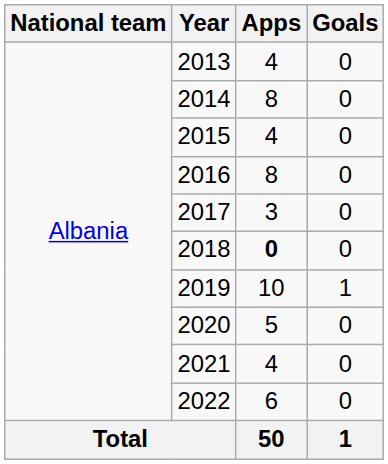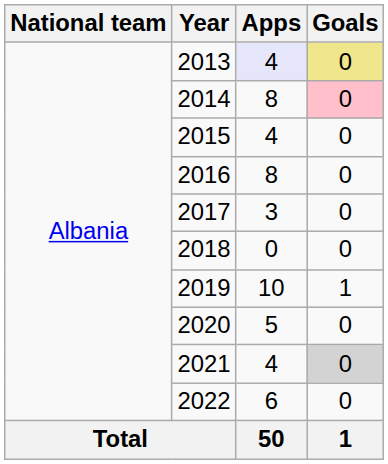 <table class="wikitable" style="text-align:center">
 <tr>
 <th>National team</th>
 <th>Year</th>
 <th>Apps</th>
 <th>Goals</th>
 </tr>
 <tr>
 <td rowspan=10><a href='#'>Albania</a></td>
 <td>2013</td>
-<td>4</td>
-<td>0</td>
+<td style="background: lavender;">4</td>
+<td style="background: khaki;">0</td>
 </tr>
 <tr>
 <td>2014</td>
 <td>8</td>
-<td>0</td>
+<td style="background: pink;">0</td>
 </tr>
 <tr>
 <td>2015</td>
 <td>4</td>
 <td>0</td>
 </tr>
 <tr>
 <td>2016</td>
 <td>8</td>
 <td>0</td>
 </tr>
 <tr>
 <td>2017</td>
 <td>3</td>
 <td>0</td>
 </tr>
 <tr>
 <td>2018</td>
-<td><strong>0</strong></td>
+<td>0</td>
 <td>0</td>
 </tr>
 <tr>
 <td>2019</td>
 <td>10</td>
 <td>1</td>
 </tr>
 <tr>
 <td>2020</td>
 <td>5</td>
 <td>0</td>
 </tr>
 <tr>
 <td>2021</td>
 <td>4</td>
-<td>0</td>
+<td style="background: lightgrey;">0</td>
 </tr>
 <tr>
 <td>2022</td>
 <td>6</td>
 <td>0</td>
 </tr>
 <tr>
 <th colspan="2">Total</th>
 <th>50</th>
 <th>1</th>
 </tr>
 </table>
